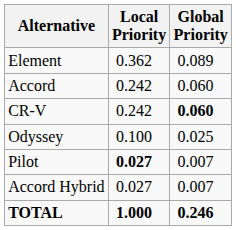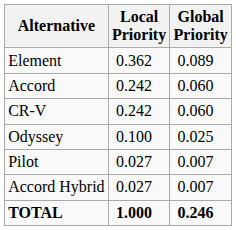 <table class="wikitable" | align="center">
 <tr>
 <th>Alternative</th>
 <th>Local<br>Priority</th>
 <th>Global<br>Priority</th>
 </tr>
 <tr>
 <td>Element</td>
 <td> 0.362</td>
 <td> 0.089</td>
 </tr>
 <tr>
 <td>Accord</td>
 <td> 0.242</td>
 <td> 0.060</td>
 </tr>
 <tr>
 <td>CR-V</td>
 <td> 0.242</td>
-<td><strong> 0.060</strong></td>
+<td> 0.060</td>
 </tr>
 <tr>
 <td>Odyssey</td>
 <td> 0.100</td>
 <td> 0.025</td>
 </tr>
 <tr>
 <td>Pilot</td>
-<td><strong> 0.027</strong></td>
+<td> 0.027</td>
 <td> 0.007</td>
 </tr>
 <tr>
 <td>Accord Hybrid</td>
 <td> 0.027</td>
 <td> 0.007</td>
 </tr>
 <tr>
 <td><strong>TOTAL</strong></td>
 <td><strong> 1.000</strong></td>
 <td><strong> 0.246</strong></td>
 </tr>
 <tr>
 </tr>
 </table>
